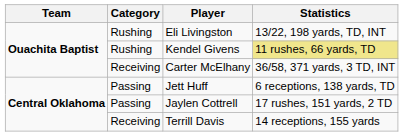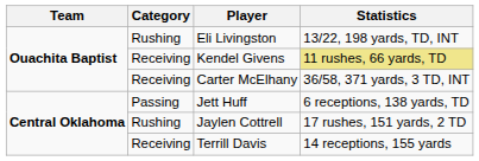 <table class="wikitable" style="float: right;">
 <tr>
 <th>Team</th>
 <th>Category</th>
 <th>Player</th>
 <th>Statistics</th>
 </tr>
 <tr>
 <td rowspan=3><strong>Ouachita Baptist</strong></td>
 <td>Rushing</td>
 <td>Eli Livingston</td>
 <td>13/22, 198 yards, TD, INT</td>
 </tr>
 <tr>
-<td>Rushing</td>
+<td>Receiving</td>
 <td>Kendel Givens</td>
 <td style="background: khaki;">11 rushes, 66 yards, TD</td>
 </tr>
 <tr>
 <td>Receiving</td>
 <td>Carter McElhany</td>
 <td>36/58, 371 yards, 3 TD, INT</td>
 </tr>
 <tr>
 <td rowspan=3><strong>Central Oklahoma</strong></td>
 <td>Passing</td>
 <td>Jett Huff</td>
 <td>6 receptions, 138 yards, TD</td>
 </tr>
 <tr>
-<td>Passing</td>
+<td>Rushing</td>
 <td>Jaylen Cottrell</td>
 <td>17 rushes, 151 yards, 2 TD</td>
 </tr>
 <tr>
 <td>Receiving</td>
 <td>Terrill Davis</td>
 <td>14 receptions, 155 yards</td>
 </tr>
 </table>
